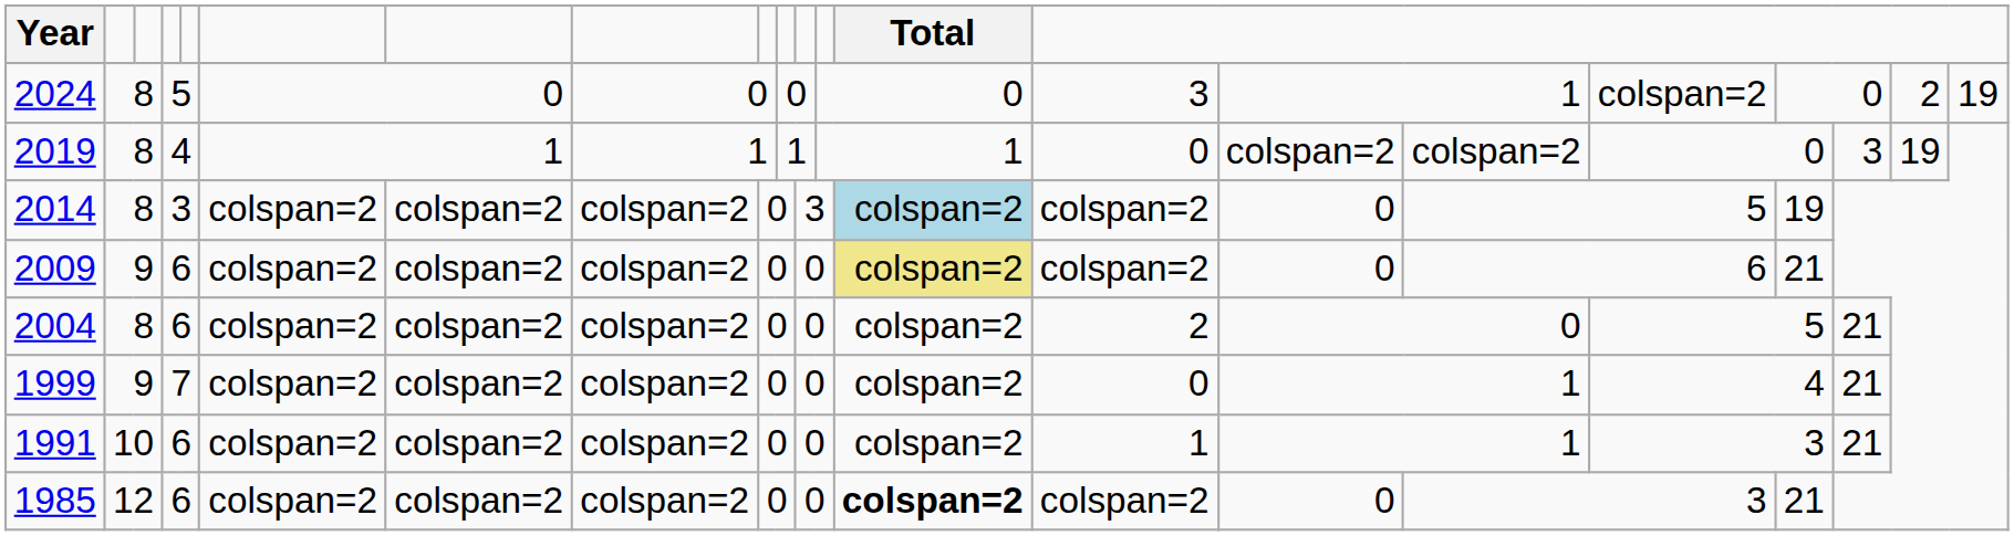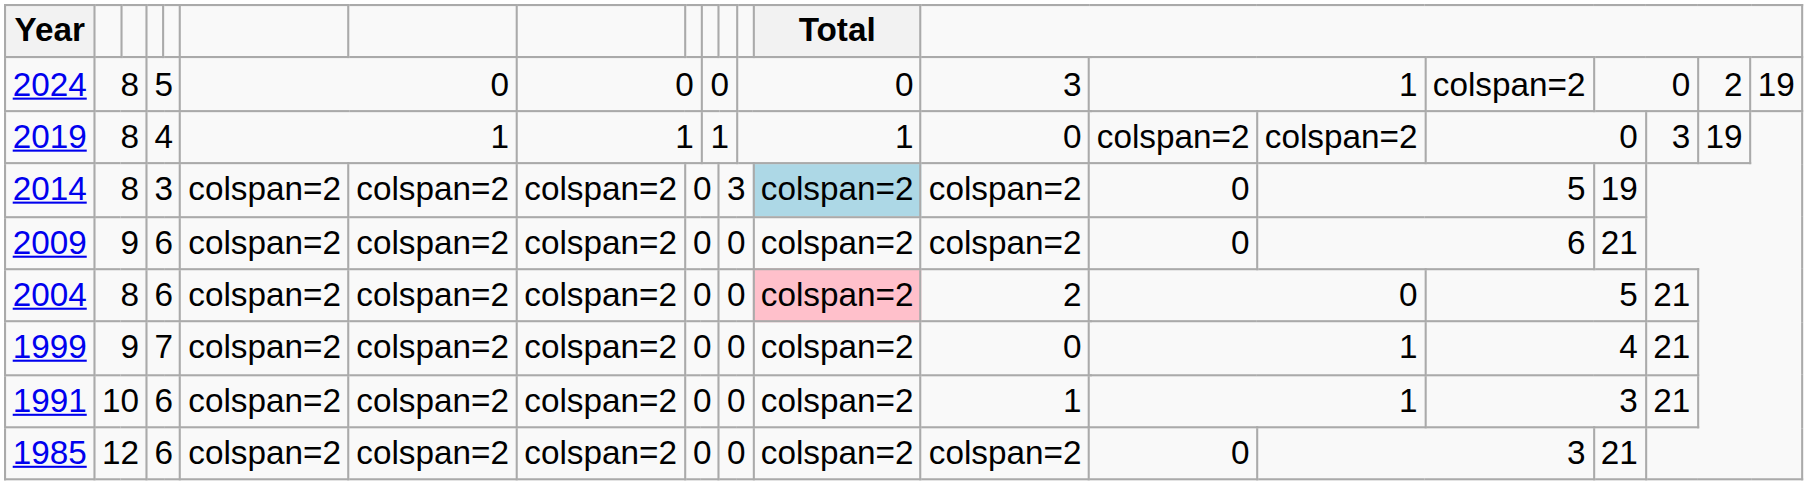 <table class="wikitable" style="text-align:right; padding-left:1em">
 <tr>
 <th align="left">Year</th>
 <td></td>
 <td></td>
 <td></td>
 <td></td>
 <td></td>
 <td></td>
 <td></td>
 <td></td>
 <td></td>
 <td></td>
 <td></td>
 <th align="left">Total</th>
 </tr>
 <tr>
 <td align=left><a href='#'>2024</a></td>
 <td colspan=2>8</td>
 <td colspan=2>5</td>
 <td colspan=2>0</td>
 <td colspan=2>0</td>
 <td colspan=2>0</td>
 <td colspan=2>0</td>
 <td colspan=2>3</td>
 <td colspan=2>1</td>
 <td>colspan=2 </td>
 <td colspan=2>0</td>
 <td colspan=2>2</td>
 <td>19</td>
 </tr>
 <tr>
 <td align=left><a href='#'>2019</a></td>
 <td colspan=2>8</td>
 <td colspan=2>4</td>
 <td colspan=2>1</td>
 <td colspan=2>1</td>
 <td colspan=2>1</td>
 <td colspan=2>1</td>
 <td colspan=2>0</td>
 <td>colspan=2 </td>
 <td>colspan=2 </td>
 <td colspan=2>0</td>
 <td colspan=2>3</td>
 <td>19</td>
 </tr>
 <tr>
 <td align=left><a href='#'>2014</a></td>
 <td colspan=2>8</td>
 <td colspan=2>3</td>
 <td>colspan=2 </td>
 <td>colspan=2 </td>
 <td>colspan=2 </td>
 <td colspan=2>0</td>
 <td colspan=2>3</td>
 <td style="background: lightblue;">colspan=2 </td>
 <td>colspan=2 </td>
 <td colspan=2>0</td>
 <td colspan=2>5</td>
 <td>19</td>
 </tr>
 <tr>
 <td align=left><a href='#'>2009</a></td>
 <td colspan=2>9</td>
 <td colspan=2>6</td>
 <td>colspan=2 </td>
 <td>colspan=2 </td>
 <td>colspan=2 </td>
 <td colspan=2>0</td>
 <td colspan=2>0</td>
-<td style="background: khaki;">colspan=2 </td>
+<td>colspan=2 </td>
 <td>colspan=2 </td>
 <td colspan=2>0</td>
 <td colspan=2>6</td>
 <td>21</td>
 </tr>
 <tr>
 <td align=left><a href='#'>2004</a></td>
 <td colspan=2>8</td>
 <td colspan=2>6</td>
 <td>colspan=2 </td>
 <td>colspan=2 </td>
 <td>colspan=2 </td>
 <td colspan=2>0</td>
 <td colspan=2>0</td>
-<td>colspan=2 </td>
+<td style="background: pink;">colspan=2 </td>
 <td colspan=2>2</td>
 <td colspan=2>0</td>
 <td colspan=2>5</td>
 <td>21</td>
 </tr>
 <tr>
 <td align=left><a href='#'>1999</a></td>
 <td colspan=2>9</td>
 <td colspan=2>7</td>
 <td>colspan=2 </td>
 <td>colspan=2 </td>
 <td>colspan=2 </td>
 <td colspan=2>0</td>
 <td colspan=2>0</td>
 <td>colspan=2 </td>
 <td colspan=2>0</td>
 <td colspan=2>1</td>
 <td colspan=2>4</td>
 <td>21</td>
 </tr>
 <tr>
 <td align=left><a href='#'>1991</a></td>
 <td colspan=2>10</td>
 <td colspan=2>6</td>
 <td>colspan=2 </td>
 <td>colspan=2 </td>
 <td>colspan=2 </td>
 <td colspan=2>0</td>
 <td colspan=2>0</td>
 <td>colspan=2 </td>
 <td colspan=2>1</td>
 <td colspan=2>1</td>
 <td colspan=2>3</td>
 <td>21</td>
 </tr>
 <tr>
 <td align=left><a href='#'>1985</a></td>
 <td colspan=2>12</td>
 <td colspan=2>6</td>
 <td>colspan=2 </td>
 <td>colspan=2 </td>
 <td>colspan=2 </td>
 <td colspan=2>0</td>
 <td colspan=2>0</td>
-<td><strong>colspan=2 </strong></td>
+<td>colspan=2 </td>
 <td>colspan=2 </td>
 <td colspan=2>0</td>
 <td colspan=2>3</td>
 <td>21</td>
 </tr>
 </table>
